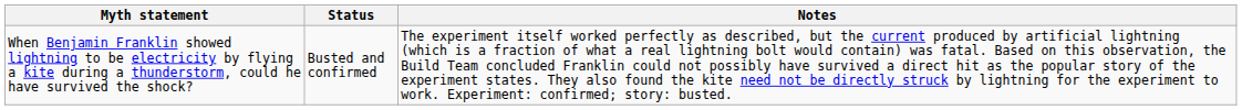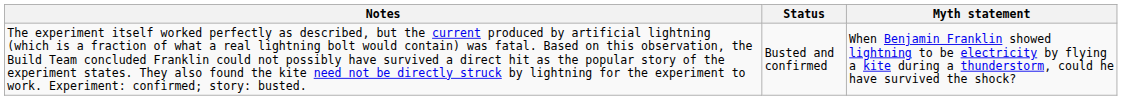 <table class="wikitable plainrowheaders">
 <tr>
+<th>Notes</th>
+<th>Status</th>
 <th>Myth statement</th>
-<th>Status</th>
-<th>Notes</th>
 </tr>
 <tr>
+<td>The experiment itself worked perfectly as described, but the <a href='#'>current</a> produced by artificial lightning (which is a fraction of what a real lightning bolt would contain) was fatal. Based on this observation, the Build Team concluded Franklin could not possibly have survived a direct hit as the popular story of the experiment states. They also found the kite <a href='#'>need not be directly struck</a> by lightning for the experiment to work. Experiment: confirmed; story: busted.</td>
+<td><span>Busted </span> and <span> confirmed</span></td>
 <td>When <a href='#'>Benjamin Franklin</a> showed <a href='#'>lightning</a> to be <a href='#'>electricity</a> by flying a <a href='#'>kite</a> during a <a href='#'>thunderstorm</a>, could he have survived the shock?</td>
-<td><span>Busted </span> and <span> confirmed</span></td>
-<td>The experiment itself worked perfectly as described, but the <a href='#'>current</a> produced by artificial lightning (which is a fraction of what a real lightning bolt would contain) was fatal. Based on this observation, the Build Team concluded Franklin could not possibly have survived a direct hit as the popular story of the experiment states. They also found the kite <a href='#'>need not be directly struck</a> by lightning for the experiment to work. Experiment: confirmed; story: busted.</td>
 </tr>
 </table>
